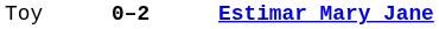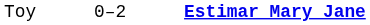 <table>
 <tr>
 <th width=400></th>
 <th width=100></th>
 <th width=400></th>
 </tr>
 <tr>
 <td align=right>Toy </td>
-<td align=center><strong>0–2</strong></td>
+<td align=center>0–2</td>
 <td><strong> <a href='#'>Estimar Mary Jane</a></strong></td>
 </tr>
 </table>
